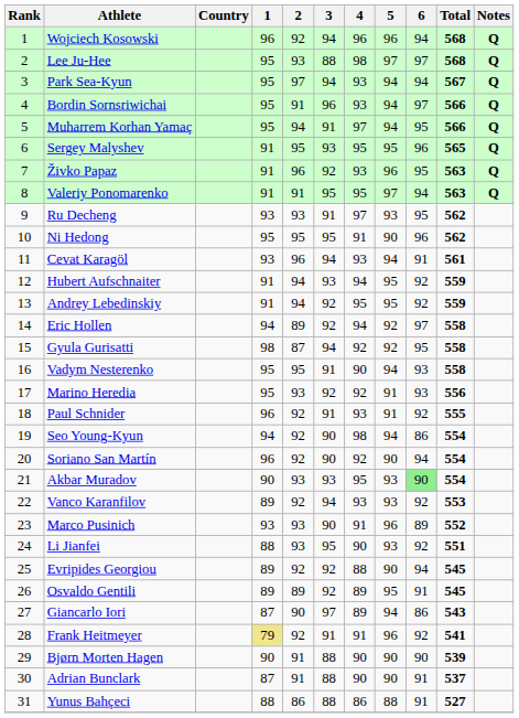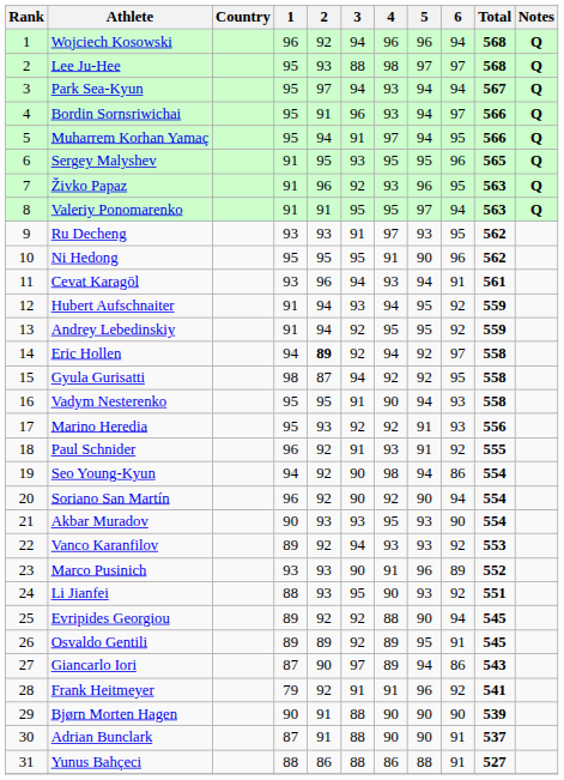 <table class="wikitable sortable" style="text-align:center">
 <tr>
 <th>Rank</th>
 <th>Athlete</th>
 <th>Country</th>
 <th style="width: 28px">1</th>
 <th style="width: 28px">2</th>
 <th style="width: 28px">3</th>
 <th style="width: 28px">4</th>
 <th style="width: 28px">5</th>
 <th style="width: 28px">6</th>
 <th>Total</th>
 <th class="unsortable">Notes</th>
 </tr>
 <tr bgcolor=#ccffcc>
 <td>1</td>
 <td align="left"><a href='#'>Wojciech Kosowski</a></td>
 <td align="left"></td>
 <td>96</td>
 <td>92</td>
 <td>94</td>
 <td>96</td>
 <td>96</td>
 <td>94</td>
 <td><strong>568</strong></td>
 <td><strong>Q</strong></td>
 </tr>
 <tr bgcolor=#ccffcc>
 <td>2</td>
 <td align="left"><a href='#'>Lee Ju-Hee</a></td>
 <td align="left"></td>
 <td>95</td>
 <td>93</td>
 <td>88</td>
 <td>98</td>
 <td>97</td>
 <td>97</td>
 <td><strong>568</strong></td>
 <td><strong>Q</strong></td>
 </tr>
 <tr bgcolor=#ccffcc>
 <td>3</td>
 <td align="left"><a href='#'>Park Sea-Kyun</a></td>
 <td align="left"></td>
 <td>95</td>
 <td>97</td>
 <td>94</td>
 <td>93</td>
 <td>94</td>
 <td>94</td>
 <td><strong>567</strong></td>
 <td><strong>Q</strong></td>
 </tr>
 <tr bgcolor=#ccffcc>
 <td>4</td>
 <td align="left"><a href='#'>Bordin Sornsriwichai</a></td>
 <td align="left"></td>
 <td>95</td>
 <td>91</td>
 <td>96</td>
 <td>93</td>
 <td>94</td>
 <td>97</td>
 <td><strong>566</strong></td>
 <td><strong>Q</strong></td>
 </tr>
 <tr bgcolor=#ccffcc>
 <td>5</td>
 <td align="left"><a href='#'>Muharrem Korhan Yamaç</a></td>
 <td align="left"></td>
 <td>95</td>
 <td>94</td>
 <td>91</td>
 <td>97</td>
 <td>94</td>
 <td>95</td>
 <td><strong>566</strong></td>
 <td><strong>Q</strong></td>
 </tr>
 <tr bgcolor=#ccffcc>
 <td>6</td>
 <td align="left"><a href='#'>Sergey Malyshev</a></td>
 <td align="left"></td>
 <td>91</td>
 <td>95</td>
 <td>93</td>
 <td>95</td>
 <td>95</td>
 <td>96</td>
 <td><strong>565</strong></td>
 <td><strong>Q</strong></td>
 </tr>
 <tr bgcolor=#ccffcc>
 <td>7</td>
 <td align="left"><a href='#'>Živko Papaz</a></td>
 <td align="left"></td>
 <td>91</td>
 <td>96</td>
 <td>92</td>
 <td>93</td>
 <td>96</td>
 <td>95</td>
 <td><strong>563</strong></td>
 <td><strong>Q</strong></td>
 </tr>
 <tr bgcolor=#ccffcc>
 <td>8</td>
 <td align="left"><a href='#'>Valeriy Ponomarenko</a></td>
 <td align="left"></td>
 <td>91</td>
 <td>91</td>
 <td>95</td>
 <td>95</td>
 <td>97</td>
 <td>94</td>
 <td><strong>563</strong></td>
 <td><strong>Q</strong></td>
 </tr>
 <tr>
 <td>9</td>
 <td align="left"><a href='#'>Ru Decheng</a></td>
 <td align="left"></td>
 <td>93</td>
 <td>93</td>
 <td>91</td>
 <td>97</td>
 <td>93</td>
 <td>95</td>
 <td><strong>562</strong></td>
 <td></td>
 </tr>
 <tr>
 <td>10</td>
 <td align="left"><a href='#'>Ni Hedong</a></td>
 <td align="left"></td>
 <td>95</td>
 <td>95</td>
 <td>95</td>
 <td>91</td>
 <td>90</td>
 <td>96</td>
 <td><strong>562</strong></td>
 <td></td>
 </tr>
 <tr>
 <td>11</td>
 <td align="left"><a href='#'>Cevat Karagöl</a></td>
 <td align="left"></td>
 <td>93</td>
 <td>96</td>
 <td>94</td>
 <td>93</td>
 <td>94</td>
 <td>91</td>
 <td><strong>561</strong></td>
 <td></td>
 </tr>
 <tr>
 <td>12</td>
 <td align="left"><a href='#'>Hubert Aufschnaiter</a></td>
 <td align="left"></td>
 <td>91</td>
 <td>94</td>
 <td>93</td>
 <td>94</td>
 <td>95</td>
 <td>92</td>
 <td><strong>559</strong></td>
 <td></td>
 </tr>
 <tr>
 <td>13</td>
 <td align="left"><a href='#'>Andrey Lebedinskiy</a></td>
 <td align="left"></td>
 <td>91</td>
 <td>94</td>
 <td>92</td>
 <td>95</td>
 <td>95</td>
 <td>92</td>
 <td><strong>559</strong></td>
 <td></td>
 </tr>
 <tr>
 <td>14</td>
 <td align="left"><a href='#'>Eric Hollen</a></td>
 <td align="left"></td>
 <td>94</td>
-<td>89</td>
+<td><strong>89</strong></td>
 <td>92</td>
 <td>94</td>
 <td>92</td>
 <td>97</td>
 <td><strong>558</strong></td>
 <td></td>
 </tr>
 <tr>
 <td>15</td>
 <td align="left"><a href='#'>Gyula Gurisatti</a></td>
 <td align="left"></td>
 <td>98</td>
 <td>87</td>
 <td>94</td>
 <td>92</td>
 <td>92</td>
 <td>95</td>
 <td><strong>558</strong></td>
 <td></td>
 </tr>
 <tr>
 <td>16</td>
 <td align="left"><a href='#'>Vadym Nesterenko</a></td>
 <td align="left"></td>
 <td>95</td>
 <td>95</td>
 <td>91</td>
 <td>90</td>
 <td>94</td>
 <td>93</td>
 <td><strong>558</strong></td>
 <td></td>
 </tr>
 <tr>
 <td>17</td>
 <td align="left"><a href='#'>Marino Heredia</a></td>
 <td align="left"></td>
 <td>95</td>
 <td>93</td>
 <td>92</td>
 <td>92</td>
 <td>91</td>
 <td>93</td>
 <td><strong>556</strong></td>
 <td></td>
 </tr>
 <tr>
 <td>18</td>
 <td align="left"><a href='#'>Paul Schnider</a></td>
 <td align="left"></td>
 <td>96</td>
 <td>92</td>
 <td>91</td>
 <td>93</td>
 <td>91</td>
 <td>92</td>
 <td><strong>555</strong></td>
 <td></td>
 </tr>
 <tr>
 <td>19</td>
 <td align="left"><a href='#'>Seo Young-Kyun</a></td>
 <td align="left"></td>
 <td>94</td>
 <td>92</td>
 <td>90</td>
 <td>98</td>
 <td>94</td>
 <td>86</td>
 <td><strong>554</strong></td>
 <td></td>
 </tr>
 <tr>
 <td>20</td>
 <td align="left"><a href='#'>Soriano San Martín</a></td>
 <td align="left"></td>
 <td>96</td>
 <td>92</td>
 <td>90</td>
 <td>92</td>
 <td>90</td>
 <td>94</td>
 <td><strong>554</strong></td>
 <td></td>
 </tr>
 <tr>
 <td>21</td>
 <td align="left"><a href='#'>Akbar Muradov</a></td>
 <td align="left"></td>
 <td>90</td>
 <td>93</td>
 <td>93</td>
 <td>95</td>
 <td>93</td>
-<td style="background: lightgreen;">90</td>
+<td>90</td>
 <td><strong>554</strong></td>
 <td></td>
 </tr>
 <tr>
 <td>22</td>
 <td align="left"><a href='#'>Vanco Karanfilov</a></td>
 <td align="left"></td>
 <td>89</td>
 <td>92</td>
 <td>94</td>
 <td>93</td>
 <td>93</td>
 <td>92</td>
 <td><strong>553</strong></td>
 <td></td>
 </tr>
 <tr>
 <td>23</td>
 <td align="left"><a href='#'>Marco Pusinich</a></td>
 <td align="left"></td>
 <td>93</td>
 <td>93</td>
 <td>90</td>
 <td>91</td>
 <td>96</td>
 <td>89</td>
 <td><strong>552</strong></td>
 <td></td>
 </tr>
 <tr>
 <td>24</td>
 <td align="left"><a href='#'>Li Jianfei</a></td>
 <td align="left"></td>
 <td>88</td>
 <td>93</td>
 <td>95</td>
 <td>90</td>
 <td>93</td>
 <td>92</td>
 <td><strong>551</strong></td>
 <td></td>
 </tr>
 <tr>
 <td>25</td>
 <td align="left"><a href='#'>Evripides Georgiou</a></td>
 <td align="left"></td>
 <td>89</td>
 <td>92</td>
 <td>92</td>
 <td>88</td>
 <td>90</td>
 <td>94</td>
 <td><strong>545</strong></td>
 <td></td>
 </tr>
 <tr>
 <td>26</td>
 <td align="left"><a href='#'>Osvaldo Gentili</a></td>
 <td align="left"></td>
 <td>89</td>
 <td>89</td>
 <td>92</td>
 <td>89</td>
 <td>95</td>
 <td>91</td>
 <td><strong>545</strong></td>
 <td></td>
 </tr>
 <tr>
 <td>27</td>
 <td align="left"><a href='#'>Giancarlo Iori</a></td>
 <td align="left"></td>
 <td>87</td>
 <td>90</td>
 <td>97</td>
 <td>89</td>
 <td>94</td>
 <td>86</td>
 <td><strong>543</strong></td>
 <td></td>
 </tr>
 <tr>
 <td>28</td>
 <td align="left"><a href='#'>Frank Heitmeyer</a></td>
 <td align="left"></td>
-<td style="background: khaki;">79</td>
+<td>79</td>
 <td>92</td>
 <td>91</td>
 <td>91</td>
 <td>96</td>
 <td>92</td>
 <td><strong>541</strong></td>
 <td></td>
 </tr>
 <tr>
 <td>29</td>
 <td align="left"><a href='#'>Bjørn Morten Hagen</a></td>
 <td align="left"></td>
 <td>90</td>
 <td>91</td>
 <td>88</td>
 <td>90</td>
 <td>90</td>
 <td>90</td>
 <td><strong>539</strong></td>
 <td></td>
 </tr>
 <tr>
 <td>30</td>
 <td align="left"><a href='#'>Adrian Bunclark</a></td>
 <td align="left"></td>
 <td>87</td>
 <td>91</td>
 <td>88</td>
 <td>90</td>
 <td>90</td>
 <td>91</td>
 <td><strong>537</strong></td>
 <td></td>
 </tr>
 <tr>
 <td>31</td>
 <td align="left"><a href='#'>Yunus Bahçeci</a></td>
 <td align="left"></td>
 <td>88</td>
 <td>86</td>
 <td>88</td>
 <td>86</td>
 <td>88</td>
 <td>91</td>
 <td><strong>527</strong></td>
 <td></td>
 </tr>
 <tr>
 </tr>
 </table>
